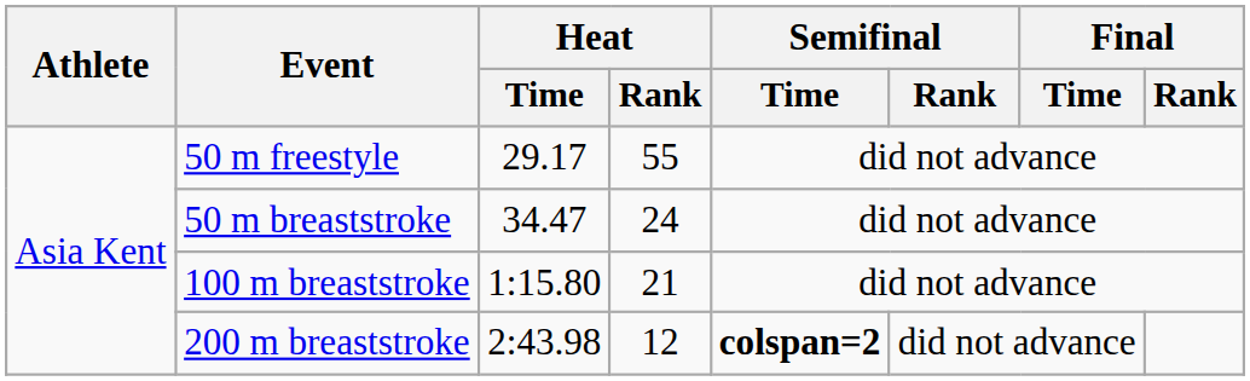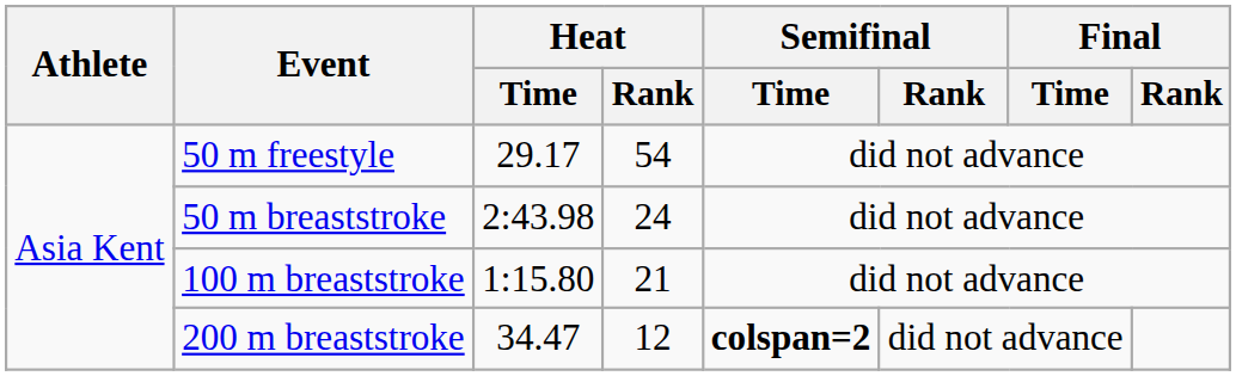 <table class=wikitable style=font-size:90%>
 <tr>
 <th rowspan=2>Athlete</th>
 <th rowspan=2>Event</th>
 <th colspan=2>Heat</th>
 <th colspan=2>Semifinal</th>
 <th colspan=2>Final</th>
 </tr>
 <tr style=font-size:95%>
 <th>Time</th>
 <th>Rank</th>
 <th>Time</th>
 <th>Rank</th>
 <th>Time</th>
 <th>Rank</th>
 </tr>
 <tr align=center>
 <td align=left rowspan=4><a href='#'>Asia Kent</a></td>
 <td align=left rowspan="1"><a href='#'>50 m freestyle</a></td>
 <td>29.17</td>
-<td>55</td>
+<td>54</td>
 <td colspan=4>did not advance</td>
 </tr>
 <tr align=center>
 <td align=left rowspan="1"><a href='#'>50 m breaststroke</a></td>
-<td>34.47</td>
+<td>2:43.98</td>
 <td>24</td>
 <td colspan=4>did not advance</td>
 </tr>
 <tr align=center>
 <td align=left rowspan="1"><a href='#'>100 m breaststroke</a></td>
 <td>1:15.80</td>
 <td>21</td>
 <td colspan=4>did not advance</td>
 </tr>
 <tr align=center>
 <td align=left rowspan="1"><a href='#'>200 m breaststroke</a></td>
-<td>2:43.98</td>
+<td>34.47</td>
 <td>12</td>
 <td><strong>colspan=2 </strong></td>
 <td colspan=2>did not advance</td>
 </tr>
 </table>
